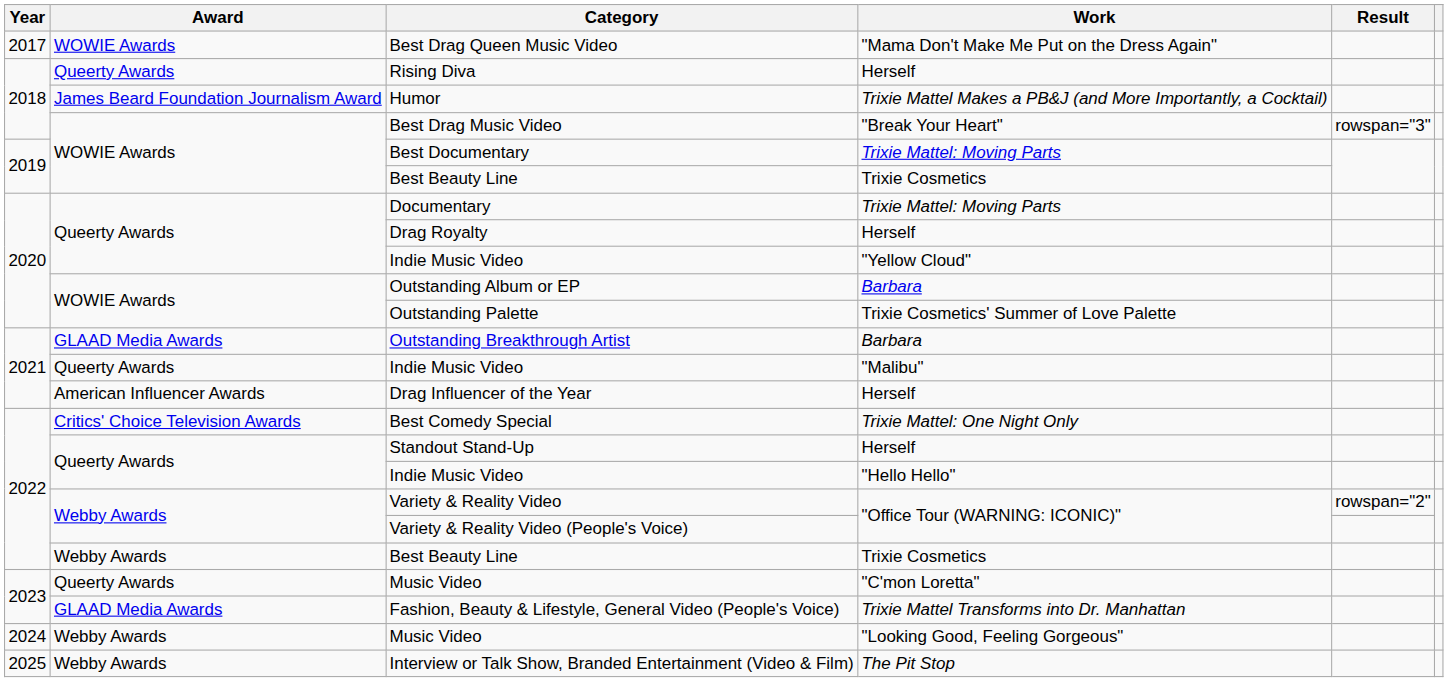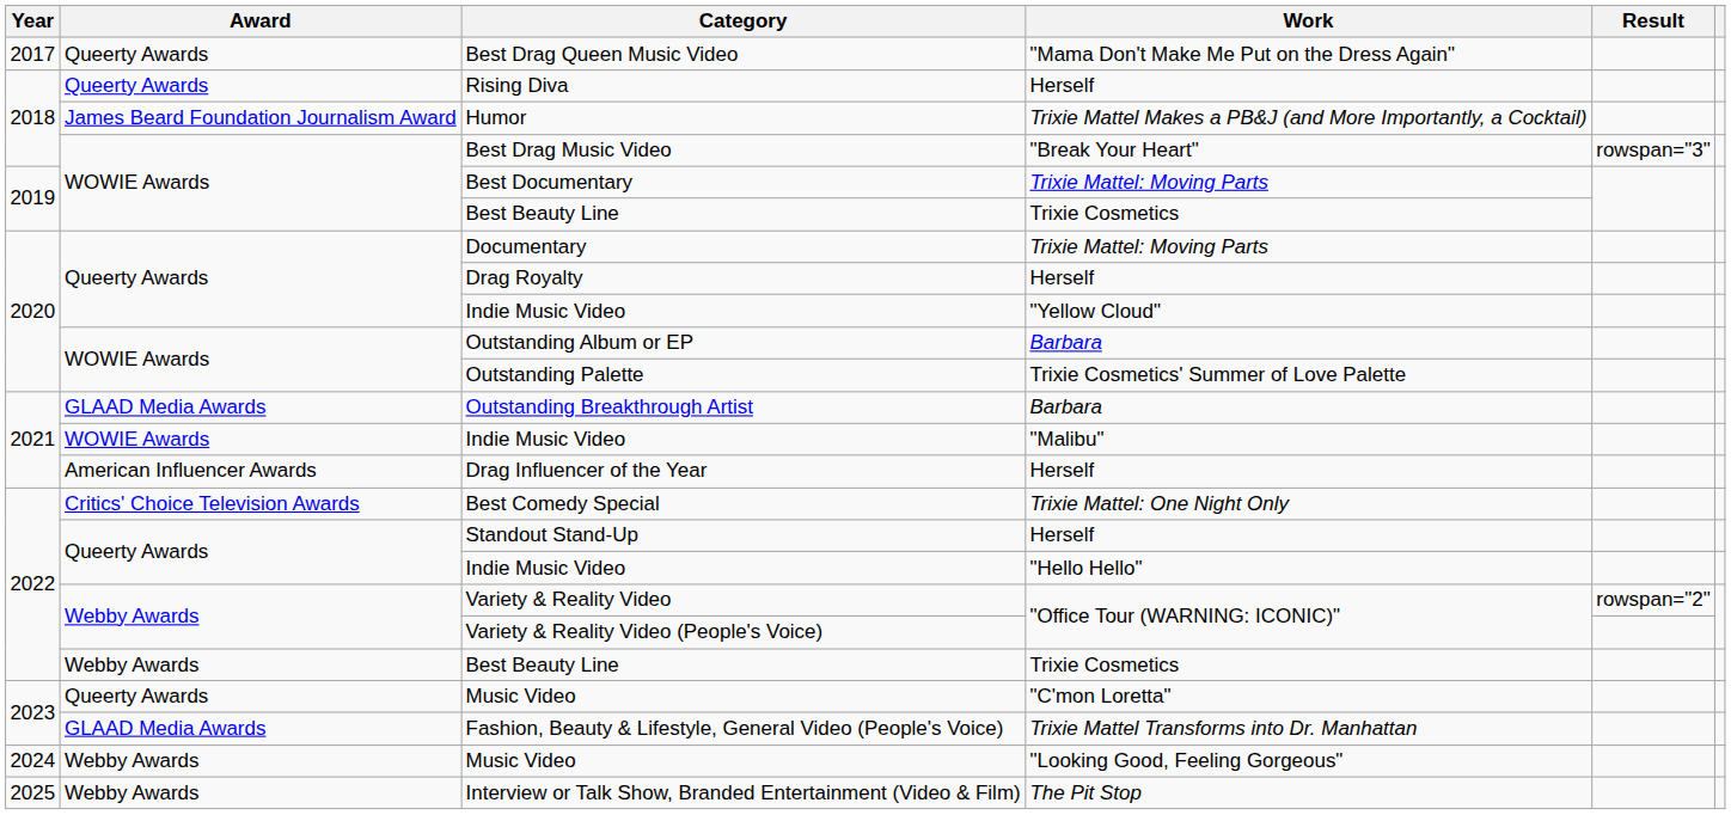 <table class="wikitable">
 <tr>
 <th>Year</th>
 <th>Award</th>
 <th>Category</th>
 <th>Work</th>
 <th>Result</th>
 <th></th>
 </tr>
 <tr>
 <td>2017</td>
-<td><a href='#'>WOWIE Awards</a></td>
+<td>Queerty Awards</td>
 <td>Best Drag Queen Music Video</td>
 <td>"Mama Don't Make Me Put on the Dress Again"</td>
 <td></td>
 <td></td>
 </tr>
 <tr>
 <td rowspan="3">2018</td>
 <td><a href='#'>Queerty Awards</a></td>
 <td>Rising Diva</td>
 <td>Herself</td>
 <td></td>
 <td></td>
 </tr>
 <tr>
 <td><a href='#'>James Beard Foundation Journalism Award</a></td>
 <td>Humor</td>
 <td><em>Trixie Mattel Makes a PB&J (and More Importantly, a Cocktail)</em></td>
 <td></td>
 <td></td>
 </tr>
 <tr>
 <td rowspan="3">WOWIE Awards</td>
 <td>Best Drag Music Video</td>
 <td>"Break Your Heart"</td>
 <td>rowspan="3" </td>
 <td></td>
 </tr>
 <tr>
 <td rowspan="2">2019</td>
 <td>Best Documentary</td>
 <td><em><a href='#'>Trixie Mattel: Moving Parts</a></em></td>
 <td rowspan="2"></td>
 </tr>
 <tr>
 <td>Best Beauty Line</td>
 <td>Trixie Cosmetics</td>
 </tr>
 <tr>
 <td rowspan="5">2020</td>
 <td rowspan="3">Queerty Awards</td>
 <td>Documentary</td>
 <td><em>Trixie Mattel: Moving Parts</em></td>
 <td></td>
 <td></td>
 </tr>
 <tr>
 <td>Drag Royalty</td>
 <td>Herself</td>
 <td></td>
 <td></td>
 </tr>
 <tr>
 <td>Indie Music Video</td>
 <td>"Yellow Cloud"</td>
 <td></td>
 <td></td>
 </tr>
 <tr>
 <td rowspan="2">WOWIE Awards</td>
 <td>Outstanding Album or EP</td>
 <td><em><a href='#'>Barbara</a></em></td>
 <td></td>
 <td></td>
 </tr>
 <tr>
 <td>Outstanding Palette</td>
 <td>Trixie Cosmetics' Summer of Love Palette</td>
 <td></td>
 <td></td>
 </tr>
 <tr>
 <td rowspan="3">2021</td>
 <td><a href='#'>GLAAD Media Awards</a></td>
 <td><a href='#'>Outstanding Breakthrough Artist</a></td>
 <td><em>Barbara</em></td>
 <td></td>
 <td></td>
 </tr>
 <tr>
-<td>Queerty Awards</td>
+<td><a href='#'>WOWIE Awards</a></td>
 <td>Indie Music Video</td>
 <td>"Malibu"</td>
 <td></td>
 <td></td>
 </tr>
 <tr>
 <td>American Influencer Awards</td>
 <td>Drag Influencer of the Year</td>
 <td>Herself</td>
 <td></td>
 <td></td>
 </tr>
 <tr>
 <td rowspan="6">2022</td>
 <td><a href='#'>Critics' Choice Television Awards</a></td>
 <td>Best Comedy Special</td>
 <td><em>Trixie Mattel: One Night Only</em></td>
 <td></td>
 <td></td>
 </tr>
 <tr>
 <td rowspan="2">Queerty Awards</td>
 <td>Standout Stand-Up</td>
 <td>Herself</td>
 <td></td>
 <td></td>
 </tr>
 <tr>
 <td>Indie Music Video</td>
 <td>"Hello Hello"</td>
 <td></td>
 <td></td>
 </tr>
 <tr>
 <td rowspan="2"><a href='#'>Webby Awards</a></td>
 <td>Variety & Reality Video</td>
 <td rowspan="2">"Office Tour (WARNING: ICONIC)"</td>
 <td>rowspan="2" </td>
 <td rowspan="2"></td>
 </tr>
 <tr>
 <td>Variety & Reality Video (People's Voice)</td>
 </tr>
 <tr>
 <td>Webby Awards</td>
 <td>Best Beauty Line</td>
 <td>Trixie Cosmetics</td>
 <td></td>
 <td></td>
 </tr>
 <tr>
 <td rowspan="2">2023</td>
 <td>Queerty Awards</td>
 <td>Music Video</td>
 <td>"C'mon Loretta"</td>
 <td></td>
 <td></td>
 </tr>
 <tr>
 <td><a href='#'>GLAAD Media Awards</a></td>
 <td>Fashion, Beauty & Lifestyle, General Video (People's Voice)</td>
 <td><em>Trixie Mattel Transforms into Dr. Manhattan</em></td>
 <td></td>
 <td></td>
 </tr>
 <tr>
 <td>2024</td>
 <td>Webby Awards</td>
 <td>Music Video</td>
 <td>"Looking Good, Feeling Gorgeous"</td>
 <td></td>
 <td></td>
 </tr>
 <tr>
 <td>2025</td>
 <td>Webby Awards</td>
 <td>Interview or Talk Show, Branded Entertainment (Video & Film)</td>
 <td><em>The Pit Stop</em></td>
 <td></td>
 <td></td>
 </tr>
 </table>
